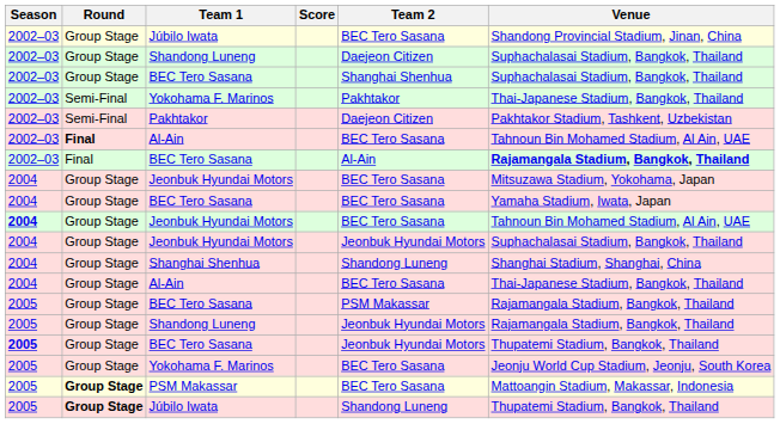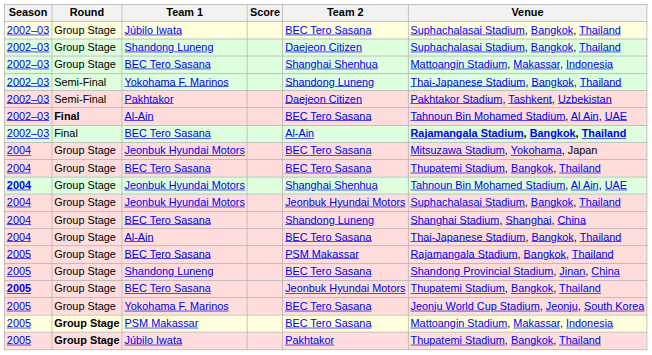 <table class="wikitable">
 <tr>
 <th>Season</th>
 <th>Round</th>
 <th>Team 1</th>
 <th>Score</th>
 <th>Team 2</th>
 <th>Venue</th>
 </tr>
 <tr style="background:#ffffdd">
 <td><a href='#'>2002–03</a></td>
 <td>Group Stage</td>
 <td> <a href='#'>Júbilo Iwata</a></td>
 <td></td>
 <td> <a href='#'>BEC Tero Sasana</a></td>
-<td><a href='#'>Shandong Provincial Stadium</a>, <a href='#'>Jinan</a>, <a href='#'>China</a></td>
+<td><a href='#'>Suphachalasai Stadium</a>, <a href='#'>Bangkok</a>, <a href='#'>Thailand</a></td>
 </tr>
 <tr style="background:#ddffdd">
 <td><a href='#'>2002–03</a></td>
 <td>Group Stage</td>
 <td> <a href='#'>Shandong Luneng</a></td>
 <td></td>
 <td> <a href='#'>Daejeon Citizen</a></td>
 <td><a href='#'>Suphachalasai Stadium</a>, <a href='#'>Bangkok</a>, <a href='#'>Thailand</a></td>
 </tr>
 <tr style="background:#ddffdd">
 <td><a href='#'>2002–03</a></td>
 <td>Group Stage</td>
 <td> <a href='#'>BEC Tero Sasana</a></td>
 <td></td>
 <td> <a href='#'>Shanghai Shenhua</a></td>
-<td><a href='#'>Suphachalasai Stadium</a>, <a href='#'>Bangkok</a>, <a href='#'>Thailand</a></td>
+<td><a href='#'>Mattoangin Stadium</a>, <a href='#'>Makassar</a>, <a href='#'>Indonesia</a></td>
 </tr>
 <tr style="background:#ddffdd">
 <td><a href='#'>2002–03</a></td>
 <td>Semi-Final</td>
 <td> <a href='#'>Yokohama F. Marinos</a></td>
 <td></td>
-<td> <a href='#'>Pakhtakor</a></td>
+<td> <a href='#'>Shandong Luneng</a></td>
 <td><a href='#'>Thai-Japanese Stadium</a>, <a href='#'>Bangkok</a>, <a href='#'>Thailand</a></td>
 </tr>
 <tr style="background:#ffdddd">
 <td><a href='#'>2002–03</a></td>
 <td>Semi-Final</td>
 <td> <a href='#'>Pakhtakor</a></td>
 <td></td>
 <td> <a href='#'>Daejeon Citizen</a></td>
 <td><a href='#'>Pakhtakor Stadium</a>, <a href='#'>Tashkent</a>, <a href='#'>Uzbekistan</a></td>
 </tr>
 <tr style="background:#ffdddd">
 <td><a href='#'>2002–03</a></td>
 <td><strong>Final</strong></td>
 <td> <a href='#'>Al-Ain</a></td>
 <td></td>
 <td> <a href='#'>BEC Tero Sasana</a></td>
 <td><a href='#'>Tahnoun Bin Mohamed Stadium</a>, <a href='#'>Al Ain</a>, <a href='#'>UAE</a></td>
 </tr>
 <tr style="background:#ddffdd">
 <td><a href='#'>2002–03</a></td>
 <td>Final</td>
 <td> <a href='#'>BEC Tero Sasana</a></td>
 <td></td>
 <td> <a href='#'>Al-Ain</a></td>
 <td><strong><a href='#'>Rajamangala Stadium</a>, <a href='#'>Bangkok</a>, <a href='#'>Thailand</a></strong></td>
 </tr>
 <tr style="background:#ffdddd">
 <td><a href='#'>2004</a></td>
 <td>Group Stage</td>
 <td> <a href='#'>Jeonbuk Hyundai Motors</a></td>
 <td></td>
 <td> <a href='#'>BEC Tero Sasana</a></td>
 <td><a href='#'>Mitsuzawa Stadium</a>, <a href='#'>Yokohama</a>, Japan</td>
 </tr>
 <tr style="background:#ffdddd">
 <td><a href='#'>2004</a></td>
 <td>Group Stage</td>
 <td> <a href='#'>BEC Tero Sasana</a></td>
 <td></td>
 <td> <a href='#'>BEC Tero Sasana</a></td>
-<td><a href='#'>Yamaha Stadium</a>, <a href='#'>Iwata</a>, Japan</td>
+<td><a href='#'>Thupatemi Stadium</a>, <a href='#'>Bangkok</a>, <a href='#'>Thailand</a></td>
 </tr>
 <tr style="background:#ddffdd">
 <td><strong><a href='#'>2004</a></strong></td>
 <td>Group Stage</td>
 <td> <a href='#'>Jeonbuk Hyundai Motors</a></td>
 <td></td>
-<td> <a href='#'>BEC Tero Sasana</a></td>
+<td> <a href='#'>Shanghai Shenhua</a></td>
 <td><a href='#'>Tahnoun Bin Mohamed Stadium</a>, <a href='#'>Al Ain</a>, <a href='#'>UAE</a></td>
 </tr>
 <tr style="background:#ffdddd">
 <td><a href='#'>2004</a></td>
 <td>Group Stage</td>
 <td> <a href='#'>Jeonbuk Hyundai Motors</a></td>
 <td></td>
 <td> <a href='#'>Jeonbuk Hyundai Motors</a></td>
 <td><a href='#'>Suphachalasai Stadium</a>, <a href='#'>Bangkok</a>, <a href='#'>Thailand</a></td>
 </tr>
 <tr style="background:#ffdddd">
 <td><a href='#'>2004</a></td>
 <td>Group Stage</td>
-<td> <a href='#'>Shanghai Shenhua</a></td>
+<td> <a href='#'>BEC Tero Sasana</a></td>
 <td></td>
 <td> <a href='#'>Shandong Luneng</a></td>
 <td><a href='#'>Shanghai Stadium</a>, <a href='#'>Shanghai</a>, <a href='#'>China</a></td>
 </tr>
 <tr style="background:#ffdddd">
 <td><a href='#'>2004</a></td>
 <td>Group Stage</td>
 <td> <a href='#'>Al-Ain</a></td>
 <td></td>
 <td> <a href='#'>BEC Tero Sasana</a></td>
 <td><a href='#'>Thai-Japanese Stadium</a>, <a href='#'>Bangkok</a>, <a href='#'>Thailand</a></td>
 </tr>
 <tr style="background:#ffdddd">
 <td><a href='#'>2005</a></td>
 <td>Group Stage</td>
 <td> <a href='#'>BEC Tero Sasana</a></td>
 <td></td>
 <td> <a href='#'>PSM Makassar</a></td>
 <td><a href='#'>Rajamangala Stadium</a>, <a href='#'>Bangkok</a>, <a href='#'>Thailand</a></td>
 </tr>
 <tr style="background:#ffdddd">
 <td><a href='#'>2005</a></td>
 <td>Group Stage</td>
 <td> <a href='#'>Shandong Luneng</a></td>
 <td></td>
-<td> <a href='#'>Jeonbuk Hyundai Motors</a></td>
-<td><a href='#'>Rajamangala Stadium</a>, <a href='#'>Bangkok</a>, <a href='#'>Thailand</a></td>
+<td> <a href='#'>BEC Tero Sasana</a></td>
+<td><a href='#'>Shandong Provincial Stadium</a>, <a href='#'>Jinan</a>, <a href='#'>China</a></td>
 </tr>
 <tr style="background:#ffdddd">
 <td><strong><a href='#'>2005</a></strong></td>
 <td>Group Stage</td>
 <td> <a href='#'>BEC Tero Sasana</a></td>
 <td></td>
 <td> <a href='#'>Jeonbuk Hyundai Motors</a></td>
 <td><a href='#'>Thupatemi Stadium</a>, <a href='#'>Bangkok</a>, <a href='#'>Thailand</a></td>
 </tr>
 <tr style="background:#ffdddd">
 <td><a href='#'>2005</a></td>
 <td>Group Stage</td>
 <td> <a href='#'>Yokohama F. Marinos</a></td>
 <td></td>
 <td> <a href='#'>BEC Tero Sasana</a></td>
 <td><a href='#'>Jeonju World Cup Stadium</a>, <a href='#'>Jeonju</a>, <a href='#'>South Korea</a></td>
 </tr>
 <tr style="background:#ffffdd">
 <td><a href='#'>2005</a></td>
 <td><strong>Group Stage</strong></td>
 <td> <a href='#'>PSM Makassar</a></td>
 <td></td>
 <td> <a href='#'>BEC Tero Sasana</a></td>
 <td><a href='#'>Mattoangin Stadium</a>, <a href='#'>Makassar</a>, <a href='#'>Indonesia</a></td>
 </tr>
 <tr style="background:#ffdddd">
 <td><a href='#'>2005</a></td>
 <td><strong>Group Stage</strong></td>
 <td> <a href='#'>Júbilo Iwata</a></td>
 <td></td>
-<td> <a href='#'>Shandong Luneng</a></td>
+<td> <a href='#'>Pakhtakor</a></td>
 <td><a href='#'>Thupatemi Stadium</a>, <a href='#'>Bangkok</a>, <a href='#'>Thailand</a></td>
 </tr>
 </table>
